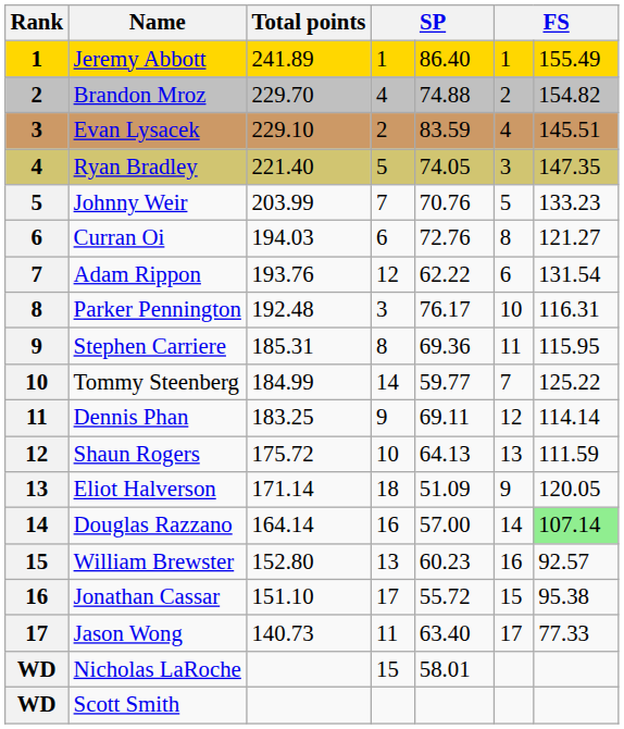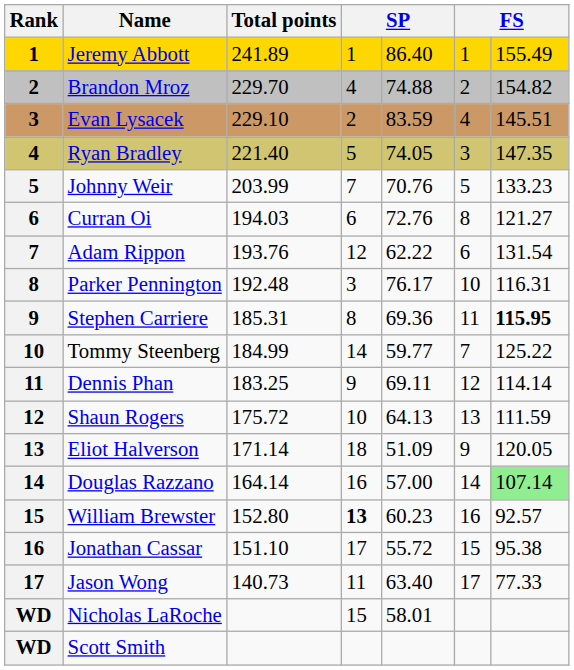 <table class="wikitable sortable">
 <tr>
 <th>Rank</th>
 <th>Name</th>
 <th>Total points</th>
 <th colspan="2" width="80px"><a href='#'>SP</a></th>
 <th colspan="2" width="80px"><a href='#'>FS</a></th>
 </tr>
 <tr bgcolor="gold">
 <td align="center"><strong>1</strong></td>
 <td><a href='#'>Jeremy Abbott</a></td>
 <td>241.89</td>
 <td>1</td>
 <td>86.40</td>
 <td>1</td>
 <td>155.49</td>
 </tr>
 <tr bgcolor="silver">
 <td align="center"><strong>2</strong></td>
 <td><a href='#'>Brandon Mroz</a></td>
 <td>229.70</td>
 <td>4</td>
 <td>74.88</td>
 <td>2</td>
 <td>154.82</td>
 </tr>
 <tr bgcolor="cc9966">
 <td align="center"><strong>3</strong></td>
 <td><a href='#'>Evan Lysacek</a></td>
 <td>229.10</td>
 <td>2</td>
 <td>83.59</td>
 <td>4</td>
 <td>145.51</td>
 </tr>
 <tr bgcolor="#d1c571">
 <td align="center"><strong>4</strong></td>
 <td><a href='#'>Ryan Bradley</a></td>
 <td>221.40</td>
 <td>5</td>
 <td>74.05</td>
 <td>3</td>
 <td>147.35</td>
 </tr>
 <tr>
 <th>5</th>
 <td><a href='#'>Johnny Weir</a></td>
 <td>203.99</td>
 <td>7</td>
 <td>70.76</td>
 <td>5</td>
 <td>133.23</td>
 </tr>
 <tr>
 <th>6</th>
 <td><a href='#'>Curran Oi</a></td>
 <td>194.03</td>
 <td>6</td>
 <td>72.76</td>
 <td>8</td>
 <td>121.27</td>
 </tr>
 <tr>
 <th>7</th>
 <td><a href='#'>Adam Rippon</a></td>
 <td>193.76</td>
 <td>12</td>
 <td>62.22</td>
 <td>6</td>
 <td>131.54</td>
 </tr>
 <tr>
 <th>8</th>
 <td><a href='#'>Parker Pennington</a></td>
 <td>192.48</td>
 <td>3</td>
 <td>76.17</td>
 <td>10</td>
 <td>116.31</td>
 </tr>
 <tr>
 <th>9</th>
 <td><a href='#'>Stephen Carriere</a></td>
 <td>185.31</td>
 <td>8</td>
 <td>69.36</td>
 <td>11</td>
-<td>115.95</td>
+<td><strong>115.95</strong></td>
 </tr>
 <tr>
 <th>10</th>
 <td>Tommy Steenberg</td>
 <td>184.99</td>
 <td>14</td>
 <td>59.77</td>
 <td>7</td>
 <td>125.22</td>
 </tr>
 <tr>
 <th>11</th>
 <td><a href='#'>Dennis Phan</a></td>
 <td>183.25</td>
 <td>9</td>
 <td>69.11</td>
 <td>12</td>
 <td>114.14</td>
 </tr>
 <tr>
 <th>12</th>
 <td><a href='#'>Shaun Rogers</a></td>
 <td>175.72</td>
 <td>10</td>
 <td>64.13</td>
 <td>13</td>
 <td>111.59</td>
 </tr>
 <tr>
 <th>13</th>
 <td><a href='#'>Eliot Halverson</a></td>
 <td>171.14</td>
 <td>18</td>
 <td>51.09</td>
 <td>9</td>
 <td>120.05</td>
 </tr>
 <tr>
 <th>14</th>
 <td><a href='#'>Douglas Razzano</a></td>
 <td>164.14</td>
 <td>16</td>
 <td>57.00</td>
 <td>14</td>
 <td style="background: lightgreen;">107.14</td>
 </tr>
 <tr>
 <th>15</th>
 <td><a href='#'>William Brewster</a></td>
 <td>152.80</td>
-<td>13</td>
+<td><strong>13</strong></td>
 <td>60.23</td>
 <td>16</td>
 <td>92.57</td>
 </tr>
 <tr>
 <th>16</th>
 <td><a href='#'>Jonathan Cassar</a></td>
 <td>151.10</td>
 <td>17</td>
 <td>55.72</td>
 <td>15</td>
 <td>95.38</td>
 </tr>
 <tr>
 <th>17</th>
 <td><a href='#'>Jason Wong</a></td>
 <td>140.73</td>
 <td>11</td>
 <td>63.40</td>
 <td>17</td>
 <td>77.33</td>
 </tr>
 <tr>
 <th>WD</th>
 <td><a href='#'>Nicholas LaRoche</a></td>
 <td></td>
 <td>15</td>
 <td>58.01</td>
 <td></td>
 <td></td>
 </tr>
 <tr>
 <th>WD</th>
 <td><a href='#'>Scott Smith</a></td>
 <td></td>
 <td></td>
 <td></td>
 <td></td>
 <td></td>
 </tr>
 </table>
